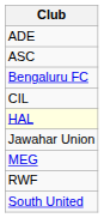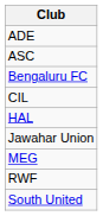 <table class="wikitable" style="text-align:center;">
 <tr>
 <th>Club</th>
 </tr>
 <tr>
 <td style="text-align:left;">ADE</td>
 </tr>
 <tr>
 <td style="text-align:left;">ASC</td>
 </tr>
 <tr>
 <td style="text-align:left;"><a href='#'>Bengaluru FC</a></td>
 </tr>
 <tr>
 <td style="text-align:left;">CIL</td>
 </tr>
 <tr>
-<td style="background: lightyellow; text-align:left;"><a href='#'>HAL</a></td>
+<td style="text-align:left;"><a href='#'>HAL</a></td>
 </tr>
 <tr>
 <td style="text-align:left;">Jawahar Union</td>
 </tr>
 <tr>
 <td style="text-align:left;"><a href='#'>MEG</a></td>
 </tr>
 <tr>
 <td style="text-align:left;">RWF</td>
 </tr>
 <tr>
 <td style="text-align:left;"><a href='#'>South United</a></td>
 </tr>
 </table>
